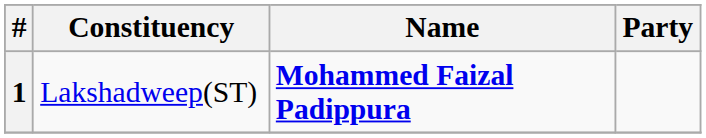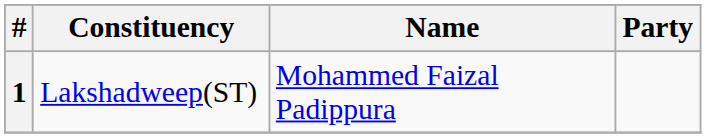 <table class="wikitable sortable">
 <tr>
 <th>#</th>
 <th style="width:120px">Constituency</th>
 <th style="width:180px">Name</th>
 <th colspan=2>Party</th>
 </tr>
 <tr>
 <th>1</th>
 <td><a href='#'>Lakshadweep</a>(ST)</td>
-<td><strong><a href='#'>Mohammed Faizal Padippura</a></strong></td>
+<td><a href='#'>Mohammed Faizal Padippura</a></td>
 <td></td>
 </tr>
 <tr>
 </tr>
 </table>
